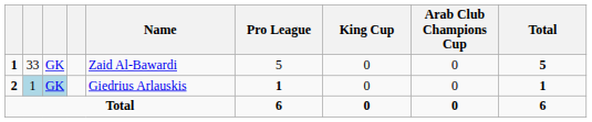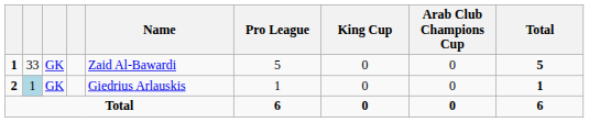 <table class="wikitable" style="text-align:center">
 <tr>
 <th width=15></th>
 <th width=15></th>
 <th width=15></th>
 <th width=15></th>
 <th width=175>Name</th>
 <th width=100>Pro League</th>
 <th width=100>King Cup</th>
 <th width=100>Arab Club Champions Cup</th>
 <th width=100>Total</th>
 </tr>
 <tr>
 <td><strong>1</strong></td>
 <td>33</td>
 <td><a href='#'>GK</a></td>
 <td></td>
 <td align=left><a href='#'>Zaid Al-Bawardi</a></td>
 <td>5</td>
 <td>0</td>
 <td>0</td>
 <td><strong>5</strong></td>
 </tr>
 <tr>
 <td><strong>2</strong></td>
 <td style="background: lightblue;">1</td>
-<td style="background: lightblue;"><a href='#'>GK</a></td>
+<td><a href='#'>GK</a></td>
 <td></td>
 <td align=left><a href='#'>Giedrius Arlauskis</a></td>
-<td><strong>1</strong></td>
+<td>1</td>
 <td>0</td>
 <td>0</td>
 <td><strong>1</strong></td>
 </tr>
 <tr>
 <td colspan=5><strong>Total</strong></td>
 <td><strong>6</strong></td>
 <td><strong>0</strong></td>
 <td><strong>0</strong></td>
 <td><strong>6</strong></td>
 </tr>
 </table>
